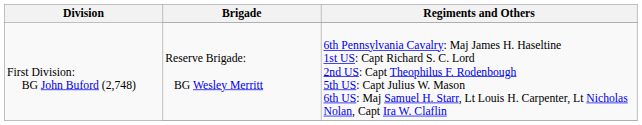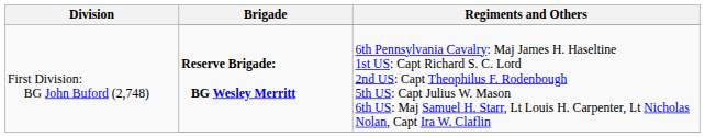 <table class="wikitable">
 <tr>
 <th width=25%>Division</th>
 <th width=25%>Brigade</th>
 <th>Regiments and Others</th>
 </tr>
 <tr>
 <td rowspan=3><br>First Division: <br>     BG <a href='#'>John Buford</a> (2,748)</td>
 </tr>
 <tr>
-<td>Reserve Brigade:<br><br>   BG <a href='#'>Wesley Merritt</a></td>
+<td><strong>Reserve Brigade:<br><br>   BG <a href='#'>Wesley Merritt</a></strong></td>
 <td><br><a href='#'>6th Pennsylvania Cavalry</a>: Maj James H. Haseltine <br> <a href='#'>1st US</a>: Capt Richard S. C. Lord <br> <a href='#'>2nd US</a>: Capt <a href='#'>Theophilus F. Rodenbough</a> <br> <a href='#'>5th US</a>: Capt Julius W. Mason <br> <a href='#'>6th US</a>: Maj <a href='#'>Samuel H. Starr</a>, Lt Louis H. Carpenter, Lt <a href='#'>Nicholas Nolan</a>, Capt <a href='#'>Ira W. Claflin</a></td>
 </tr>
 <tr>
 </tr>
 </table>
